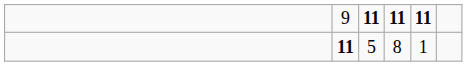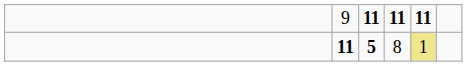 <table class="wikitable">
 <tr>
 <td style="width:18em"><strong></strong></td>
 <td align=center style="width:1em">9</td>
 <td align=center style="width:1em"><strong>11</strong></td>
 <td align=center style="width:1em"><strong>11</strong></td>
 <td align=center style="width:1em"><strong>11</strong></td>
 <td align=center style="width:1em"></td>
 </tr>
 <tr>
 <td style="width:18em"></td>
 <td align=center style="width:1em"><strong>11</strong></td>
-<td align=center style="width:1em">5</td>
+<td align=center style="width:1em"><strong>5</strong></td>
 <td align=center style="width:1em">8</td>
-<td align=center style="width:1em">1</td>
+<td align=center style="background: khaki; width:1em">1</td>
 <td align=center style="width:1em"></td>
 </tr>
 </table>
